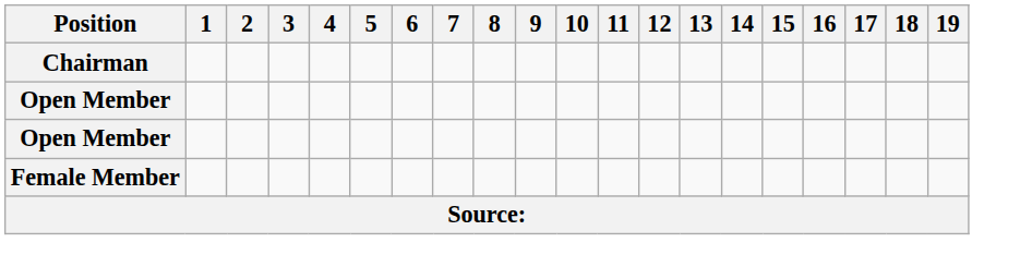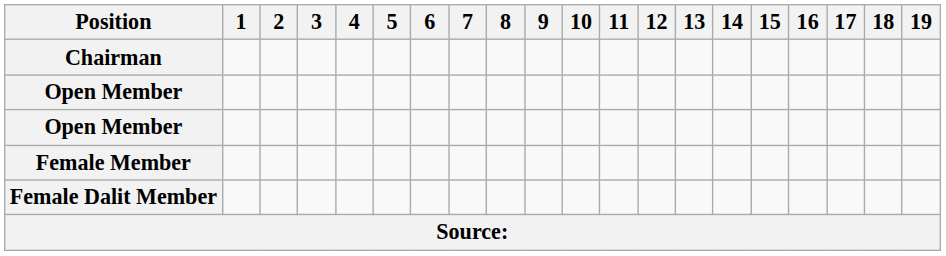 <table class="wikitable">
 <tr>
 <th>Position</th>
 <th width="20px">1</th>
 <th width="20px">2</th>
 <th width="20px">3</th>
 <th width="20px">4</th>
 <th width="20px">5</th>
 <th width="20px">6</th>
 <th width="20px">7</th>
 <th width="20px">8</th>
 <th width="20px">9</th>
 <th width="20px">10</th>
 <th width="20px">11</th>
 <th width="20px">12</th>
 <th width="20px">13</th>
 <th width="20px">14</th>
 <th width="20px">15</th>
 <th width="20px">16</th>
 <th width="20px">17</th>
 <th width="20px">18</th>
 <th width="20px">19</th>
 </tr>
 <tr>
 <th>Chairman</th>
 <td style="background-color:"></td>
 <td style="background-color:"></td>
 <td style="background-color:"></td>
 <td style="background-color:"></td>
 <td style="background-color:"></td>
 <td style="background-color:"></td>
 <td style="background-color:"></td>
 <td style="background-color:"></td>
 <td style="background-color:"></td>
 <td style="background-color:"></td>
 <td style="background-color:"></td>
 <td style="background-color:"></td>
 <td style="background-color:"></td>
 <td style="background-color:"></td>
 <td style="background-color:"></td>
 <td style="background-color:"></td>
 <td style="background-color:"></td>
 <td style="background-color:"></td>
 <td style="background-color:"></td>
 </tr>
 <tr>
 <th>Open Member</th>
 <td style="background-color:"></td>
 <td style="background-color:"></td>
 <td style="background-color:"></td>
 <td style="background-color:"></td>
 <td style="background-color:"></td>
 <td style="background-color:"></td>
 <td style="background-color:"></td>
 <td style="background-color:"></td>
 <td style="background-color:"></td>
 <td style="background-color:"></td>
 <td style="background-color:"></td>
 <td style="background-color:"></td>
 <td style="background-color:"></td>
 <td style="background-color:"></td>
 <td style="background-color:"></td>
 <td style="background-color:"></td>
 <td style="background-color:"></td>
 <td style="background-color:"></td>
 <td style="background-color:"></td>
 </tr>
 <tr>
 <th>Open Member</th>
 <td style="background-color:"></td>
 <td style="background-color:"></td>
 <td style="background-color:"></td>
 <td style="background-color:"></td>
 <td style="background-color:"></td>
 <td style="background-color:"></td>
 <td style="background-color:"></td>
 <td style="background-color:"></td>
 <td style="background-color:"></td>
 <td style="background-color:"></td>
 <td style="background-color:"></td>
 <td style="background-color:"></td>
 <td style="background-color:"></td>
 <td style="background-color:"></td>
 <td style="background-color:"></td>
 <td style="background-color:"></td>
 <td style="background-color:"></td>
 <td style="background-color:"></td>
 <td style="background-color:"></td>
 </tr>
 <tr>
 <th>Female Member</th>
 <td style="background-color:"></td>
 <td style="background-color:"></td>
 <td style="background-color:"></td>
 <td style="background-color:"></td>
 <td style="background-color:"></td>
 <td style="background-color:"></td>
 <td style="background-color:"></td>
 <td style="background-color:"></td>
 <td style="background-color:"></td>
 <td style="background-color:"></td>
 <td style="background-color:"></td>
 <td style="background-color:"></td>
 <td style="background-color:"></td>
 <td style="background-color:"></td>
 <td style="background-color:"></td>
 <td style="background-color:"></td>
 <td style="background-color:"></td>
 <td style="background-color:"></td>
 <td style="background-color:"></td>
 </tr>
 <tr>
+<th>Female Dalit Member</th>
+<td style="background-color:"></td>
+<td style="background-color:"></td>
+<td style="background-color:"></td>
+<td style="background-color:"></td>
+<td style="background-color:"></td>
+<td style="background-color:"></td>
+<td style="background-color:"></td>
+<td style="background-color:"></td>
+<td style="background-color:"></td>
+<td style="background-color:"></td>
+<td style="background-color:"></td>
+<td style="background-color:"></td>
+<td style="background-color:"></td>
+<td style="background-color:"></td>
+<td style="background-color:"></td>
+<td style="background-color:"></td>
+<td style="background-color:"></td>
+<td style="background-color:"></td>
+<td style="background-color:"></td>
+</tr>
+<tr>
 <th colspan="20">Source: </th>
 </tr>
 </table>
